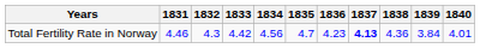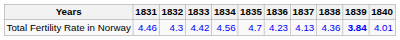 <table class="wikitable " style="text-align:right">
 <tr>
 <th>Years</th>
 <th>1831</th>
 <th>1832</th>
 <th>1833</th>
 <th>1834</th>
 <th>1835</th>
 <th>1836</th>
 <th>1837</th>
 <th>1838</th>
 <th>1839</th>
 <th>1840</th>
 </tr>
 <tr>
 <td align="left">Total Fertility Rate in Norway</td>
 <td style="text-align:right; color:blue;">4.46</td>
 <td style="text-align:right; color:blue;">4.3</td>
 <td style="text-align:right; color:blue;">4.42</td>
 <td style="text-align:right; color:blue;">4.56</td>
 <td style="text-align:right; color:blue;">4.7</td>
 <td style="text-align:right; color:blue;">4.23</td>
-<td style="text-align:right; color:blue;"><strong>4.13</strong></td>
+<td style="text-align:right; color:blue;">4.13</td>
 <td style="text-align:right; color:blue;">4.36</td>
-<td style="text-align:right; color:blue;">3.84</td>
+<td style="text-align:right; color:blue;"><strong>3.84</strong></td>
 <td style="text-align:right; color:blue;">4.01</td>
 </tr>
 </table>
